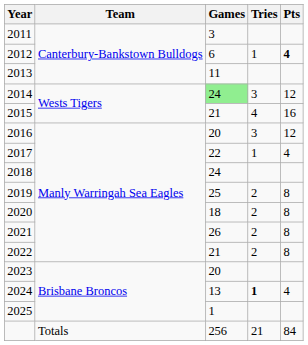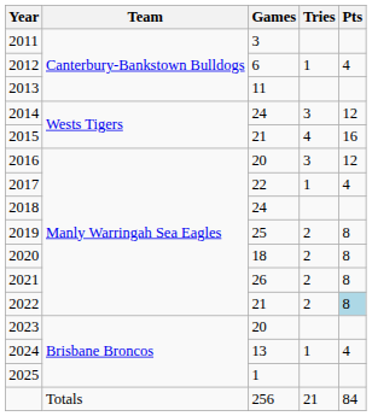 <table class="wikitable">
 <tr>
 <th>Year</th>
 <th>Team</th>
 <th>Games</th>
 <th>Tries</th>
 <th>Pts</th>
 </tr>
 <tr>
 <td>2011</td>
 <td rowspan="3"> <a href='#'>Canterbury-Bankstown Bulldogs</a></td>
 <td>3</td>
 <td></td>
 <td></td>
 </tr>
 <tr>
 <td>2012</td>
 <td>6</td>
 <td>1</td>
-<td><strong>4</strong></td>
+<td>4</td>
 </tr>
 <tr>
 <td>2013</td>
 <td>11</td>
 <td></td>
 <td></td>
 </tr>
 <tr>
 <td>2014</td>
 <td rowspan="2"> <a href='#'>Wests Tigers</a></td>
-<td style="background: lightgreen;">24</td>
+<td>24</td>
 <td>3</td>
 <td>12</td>
 </tr>
 <tr>
 <td>2015</td>
 <td>21</td>
 <td>4</td>
 <td>16</td>
 </tr>
 <tr>
 <td>2016</td>
 <td rowspan="7"> <a href='#'>Manly Warringah Sea Eagles</a></td>
 <td>20</td>
 <td>3</td>
 <td>12</td>
 </tr>
 <tr>
 <td>2017</td>
 <td>22</td>
 <td>1</td>
 <td>4</td>
 </tr>
 <tr>
 <td>2018</td>
 <td>24</td>
 <td></td>
 <td></td>
 </tr>
 <tr>
 <td>2019</td>
 <td>25</td>
 <td>2</td>
 <td>8</td>
 </tr>
 <tr>
 <td>2020</td>
 <td>18</td>
 <td>2</td>
 <td>8</td>
 </tr>
 <tr>
 <td>2021</td>
 <td>26</td>
 <td>2</td>
 <td>8</td>
 </tr>
 <tr>
 <td>2022</td>
 <td>21</td>
 <td>2</td>
-<td>8</td>
+<td style="background: lightblue;">8</td>
 </tr>
 <tr>
 <td>2023</td>
 <td rowspan="3"> <a href='#'>Brisbane Broncos</a></td>
 <td>20</td>
 <td></td>
 <td></td>
 </tr>
 <tr>
 <td>2024</td>
 <td>13</td>
-<td><strong>1</strong></td>
+<td>1</td>
 <td>4</td>
 </tr>
 <tr>
 <td>2025</td>
 <td>1</td>
 <td></td>
 <td></td>
 </tr>
 <tr>
 <td></td>
 <td>Totals</td>
 <td>256</td>
 <td>21</td>
 <td>84</td>
 </tr>
 </table>
